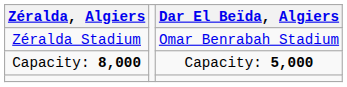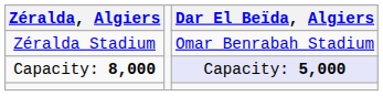 <table class="wikitable" style="text-align:center">
 <tr>
 <th><a href='#'>Zéralda</a>, <a href='#'>Algiers</a></th>
 <td rowspan="4"></td>
 <th><a href='#'>Dar El Beïda</a>, <a href='#'>Algiers</a></th>
 </tr>
 <tr>
 <td><a href='#'>Zéralda Stadium</a></td>
 <td><a href='#'>Omar Benrabah Stadium</a></td>
 </tr>
 <tr>
 <td>Capacity: <strong>8,000</strong></td>
-<td>Capacity: <strong>5,000</strong></td>
+<td style="background: lavender;">Capacity: <strong>5,000</strong></td>
 </tr>
 <tr>
 <td></td>
 <td></td>
 </tr>
 </table>
